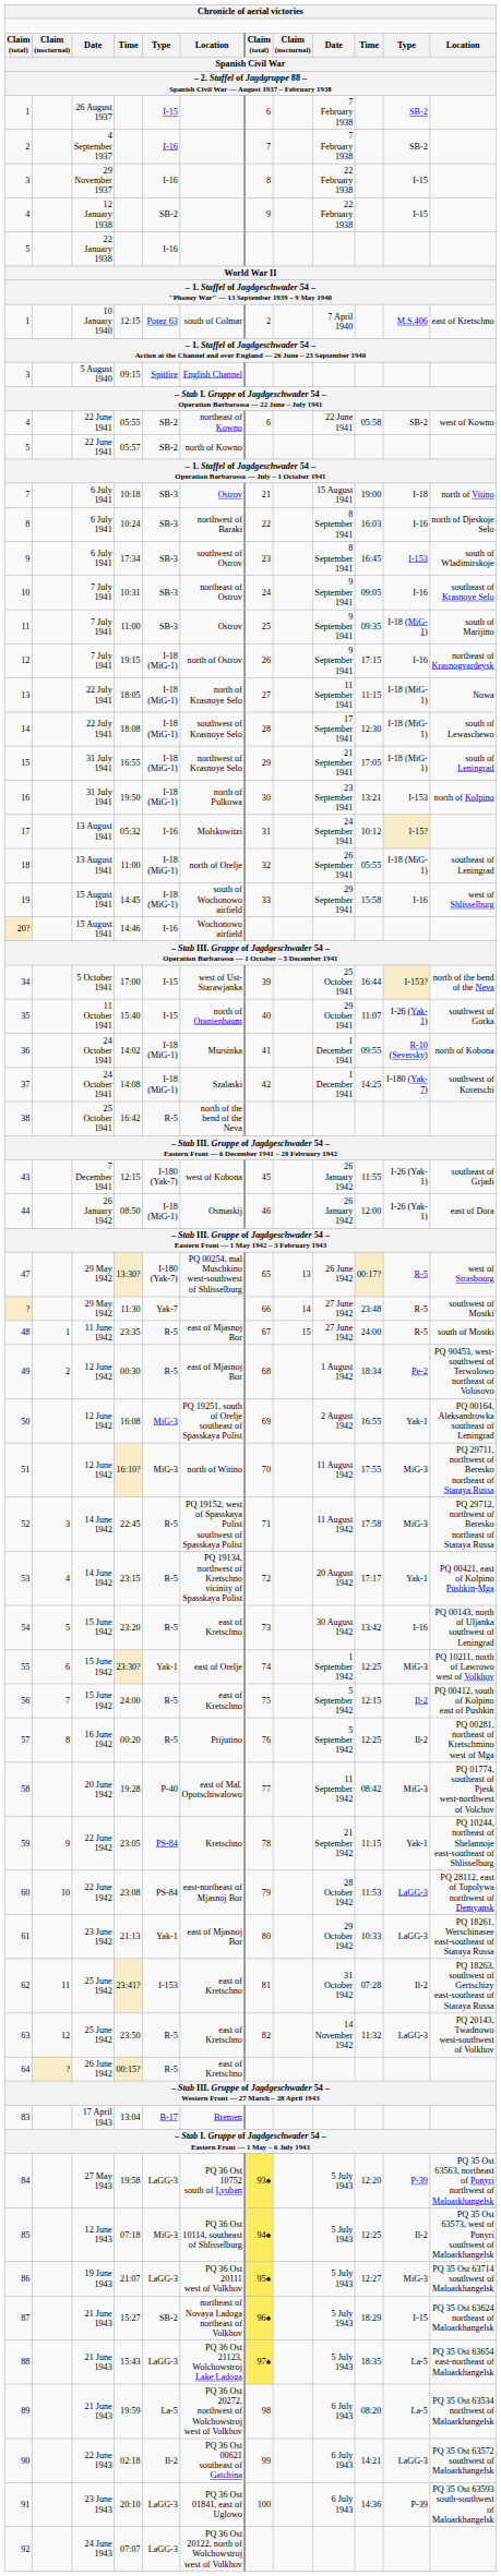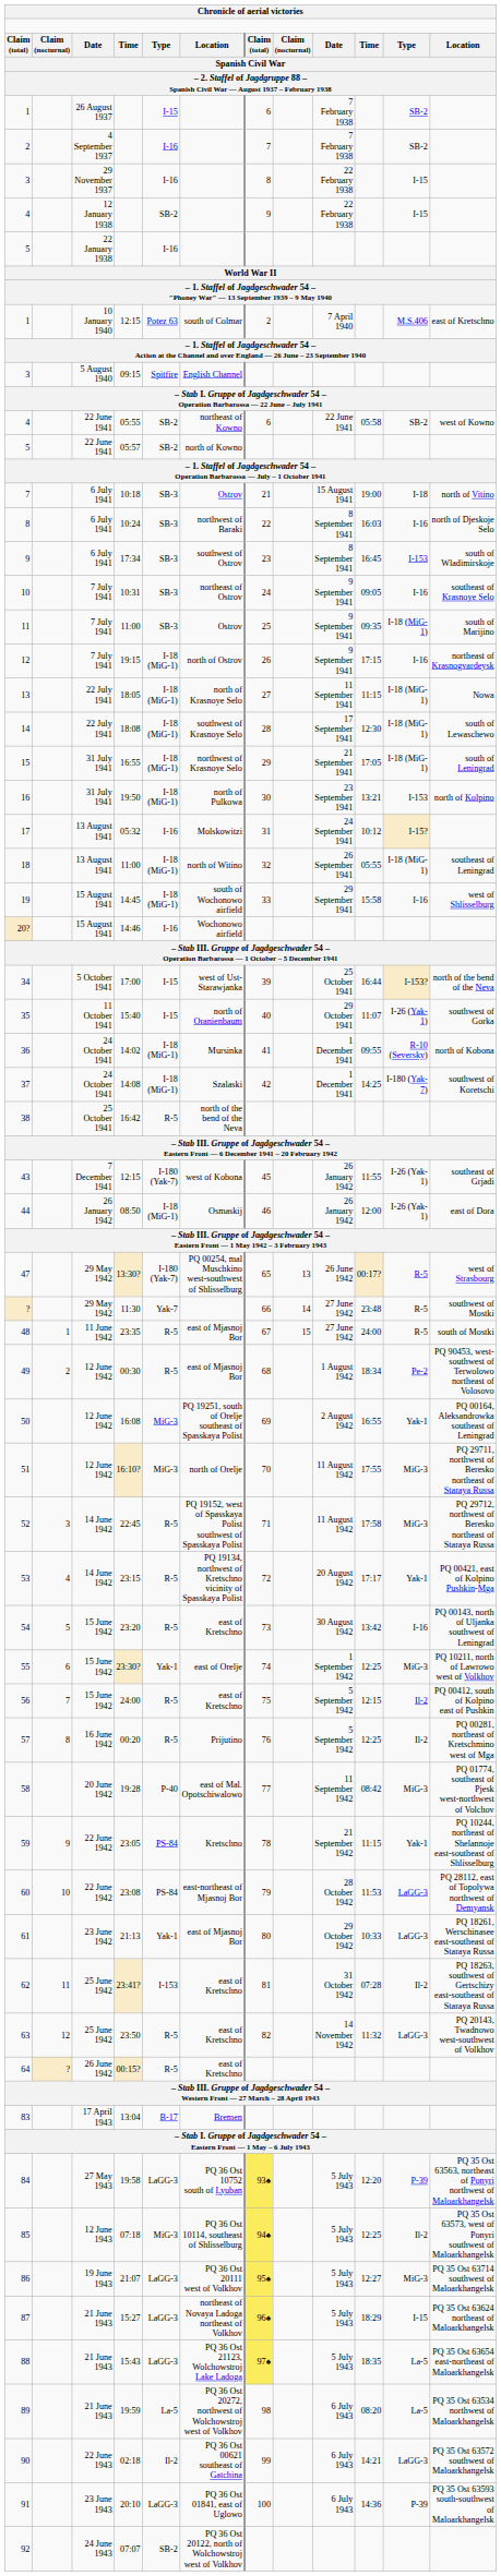 <table class="wikitable plainrowheaders collapsible" style="margin-left: auto; margin-right: auto; border: none; text-align:right; width: 100%;">
 <tr>
 <th colspan="12">Chronicle of aerial victories</th>
 </tr>
 <tr>
 <td colspan="12" style="text-align: left;"><br> </td>
 </tr>
 <tr>
 <th scope="col">Claim<br><small>(total)</small></th>
 <th scope="col">Claim<br><small>(nocturnal)</small></th>
 <th scope="col">Date</th>
 <th scope="col">Time</th>
 <th scope="col" width="100px">Type</th>
 <th scope="col">Location</th>
 <th scope="col" style="border-left: 3px solid grey;">Claim<br><small>(total)</small></th>
 <th scope="col">Claim<br><small>(nocturnal)</small></th>
 <th scope="col">Date</th>
 <th scope="col">Time</th>
 <th scope="col" width="100px">Type</th>
 <th scope="col">Location</th>
 </tr>
 <tr>
 <th colspan="12">Spanish Civil War</th>
 </tr>
 <tr>
 <th colspan="12">– 2. <em>Staffel</em> of <em>Jagdgruppe</em> 88 –<br><small>Spanish Civil War — August 1937 – February 1938</small></th>
 </tr>
 <tr>
 <td>1</td>
 <td></td>
 <td>26 August 1937</td>
 <td></td>
 <td><a href='#'>I-15</a></td>
 <td></td>
 <td style="border-left: 3px solid grey;">6</td>
 <td></td>
 <td>7 February 1938</td>
 <td></td>
 <td><a href='#'>SB-2</a></td>
 <td></td>
 </tr>
 <tr>
 <td>2</td>
 <td></td>
 <td>4 September 1937</td>
 <td></td>
 <td><a href='#'>I-16</a></td>
 <td></td>
 <td style="border-left: 3px solid grey;">7</td>
 <td></td>
 <td>7 February 1938</td>
 <td></td>
 <td>SB-2</td>
 <td></td>
 </tr>
 <tr>
 <td>3</td>
 <td></td>
 <td>29 November 1937</td>
 <td></td>
 <td>I-16</td>
 <td></td>
 <td style="border-left: 3px solid grey;">8</td>
 <td></td>
 <td>22 February 1938</td>
 <td></td>
 <td>I-15</td>
 <td></td>
 </tr>
 <tr>
 <td>4</td>
 <td></td>
 <td>12 January 1938</td>
 <td></td>
 <td>SB-2</td>
 <td></td>
 <td style="border-left: 3px solid grey;">9</td>
 <td></td>
 <td>22 February 1938</td>
 <td></td>
 <td>I-15</td>
 <td></td>
 </tr>
 <tr>
 <td>5</td>
 <td></td>
 <td>22 January 1938</td>
 <td></td>
 <td>I-16</td>
 <td></td>
 <td style="border-left: 3px solid grey;"></td>
 <td></td>
 <td></td>
 <td></td>
 <td></td>
 <td></td>
 </tr>
 <tr>
 <th colspan="12">World War II</th>
 </tr>
 <tr>
 <th colspan="12">– 1. <em>Staffel</em> of <em>Jagdgeschwader</em> 54 –<br><small>"Phoney War" — 13 September 1939 – 9 May 1940</small></th>
 </tr>
 <tr>
 <td>1</td>
 <td></td>
 <td>10 January 1940</td>
 <td>12:15</td>
 <td><a href='#'>Potez 63</a></td>
 <td>south of Colmar</td>
 <td style="border-left: 3px solid grey;">2</td>
 <td></td>
 <td>7 April 1940</td>
 <td></td>
 <td><a href='#'>M.S.406</a></td>
 <td>east of Kretschno</td>
 </tr>
 <tr>
 <th colspan="12">– 1. <em>Staffel</em> of <em>Jagdgeschwader</em> 54 –<br><small>Action at the Channel and over England — 26 June – 23 September 1940</small></th>
 </tr>
 <tr>
 <td>3</td>
 <td></td>
 <td>5 August 1940</td>
 <td>09:15</td>
 <td><a href='#'>Spitfire</a></td>
 <td><a href='#'>English Channel</a></td>
 <td style="border-left: 3px solid grey;"></td>
 <td></td>
 <td></td>
 <td></td>
 <td></td>
 <td></td>
 </tr>
 <tr>
 <th colspan="12">– <em>Stab</em> I. <em>Gruppe</em> of <em>Jagdgeschwader</em> 54 –<br><small>Operation Barbarossa — 22 June – July 1941</small></th>
 </tr>
 <tr>
 <td>4</td>
 <td></td>
 <td>22 June 1941</td>
 <td>05:55</td>
 <td>SB-2</td>
 <td>northeast of <a href='#'>Kowno</a></td>
 <td style="border-left: 3px solid grey;">6</td>
 <td></td>
 <td>22 June 1941</td>
 <td>05:58</td>
 <td>SB-2</td>
 <td>west of Kowno</td>
 </tr>
 <tr>
 <td>5</td>
 <td></td>
 <td>22 June 1941</td>
 <td>05:57</td>
 <td>SB-2</td>
 <td>north of Kowno</td>
 <td style="border-left: 3px solid grey;"></td>
 <td></td>
 <td></td>
 <td></td>
 <td></td>
 <td></td>
 </tr>
 <tr>
 <th colspan="12">– 1. <em>Staffel</em> of <em>Jagdgeschwader</em> 54 –<br><small>Operation Barbarossa — July – 1 October 1941</small></th>
 </tr>
 <tr>
 <td>7</td>
 <td></td>
 <td>6 July 1941</td>
 <td>10:18</td>
 <td>SB-3</td>
 <td><a href='#'>Ostrov</a></td>
 <td style="border-left: 3px solid grey;">21</td>
 <td></td>
 <td>15 August 1941</td>
 <td>19:00</td>
 <td>I-18</td>
 <td>north of <a href='#'>Vitino</a></td>
 </tr>
 <tr>
 <td>8</td>
 <td></td>
 <td>6 July 1941</td>
 <td>10:24</td>
 <td>SB-3</td>
 <td>northwest of Baraki</td>
 <td style="border-left: 3px solid grey;">22</td>
 <td></td>
 <td>8 September 1941</td>
 <td>16:03</td>
 <td>I-16</td>
 <td>north of Djeskoje Selo</td>
 </tr>
 <tr>
 <td>9</td>
 <td></td>
 <td>6 July 1941</td>
 <td>17:34</td>
 <td>SB-3</td>
 <td>southwest of Ostrov</td>
 <td style="border-left: 3px solid grey;">23</td>
 <td></td>
 <td>8 September 1941</td>
 <td>16:45</td>
 <td><a href='#'>I-153</a></td>
 <td>south of Wladimirskoje</td>
 </tr>
 <tr>
 <td>10</td>
 <td></td>
 <td>7 July 1941</td>
 <td>10:31</td>
 <td>SB-3</td>
 <td>northeast of Ostrov</td>
 <td style="border-left: 3px solid grey;">24</td>
 <td></td>
 <td>9 September 1941</td>
 <td>09:05</td>
 <td>I-16</td>
 <td>southeast of <a href='#'>Krasnoye Selo</a></td>
 </tr>
 <tr>
 <td>11</td>
 <td></td>
 <td>7 July 1941</td>
 <td>11:00</td>
 <td>SB-3</td>
 <td>Ostrov</td>
 <td style="border-left: 3px solid grey;">25</td>
 <td></td>
 <td>9 September 1941</td>
 <td>09:35</td>
 <td>I-18 (<a href='#'>MiG-1</a>)</td>
 <td>south of Marijino</td>
 </tr>
 <tr>
 <td>12</td>
 <td></td>
 <td>7 July 1941</td>
 <td>19:15</td>
 <td>I-18 (MiG-1)</td>
 <td>north of Ostrov</td>
 <td style="border-left: 3px solid grey;">26</td>
 <td></td>
 <td>9 September 1941</td>
 <td>17:15</td>
 <td>I-16</td>
 <td>northeast of <a href='#'>Krasnogvardeysk</a></td>
 </tr>
 <tr>
 <td>13</td>
 <td></td>
 <td>22 July 1941</td>
 <td>18:05</td>
 <td>I-18 (MiG-1)</td>
 <td>north of Krasnoye Selo</td>
 <td style="border-left: 3px solid grey;">27</td>
 <td></td>
 <td>11 September 1941</td>
 <td>11:15</td>
 <td>I-18 (MiG-1)</td>
 <td>Nowa</td>
 </tr>
 <tr>
 <td>14</td>
 <td></td>
 <td>22 July 1941</td>
 <td>18:08</td>
 <td>I-18 (MiG-1)</td>
 <td>southwest of Krasnoye Selo</td>
 <td style="border-left: 3px solid grey;">28</td>
 <td></td>
 <td>17 September 1941</td>
 <td>12:30</td>
 <td>I-18 (MiG-1)</td>
 <td>south of Lewaschewo</td>
 </tr>
 <tr>
 <td>15</td>
 <td></td>
 <td>31 July 1941</td>
 <td>16:55</td>
 <td>I-18 (MiG-1)</td>
 <td>northwest of Krasnoye Selo</td>
 <td style="border-left: 3px solid grey;">29</td>
 <td></td>
 <td>21 September 1941</td>
 <td>17:05</td>
 <td>I-18 (MiG-1)</td>
 <td>south of <a href='#'>Leningrad</a></td>
 </tr>
 <tr>
 <td>16</td>
 <td></td>
 <td>31 July 1941</td>
 <td>19:50</td>
 <td>I-18 (MiG-1)</td>
 <td>north of Pulkowa</td>
 <td style="border-left: 3px solid grey;">30</td>
 <td></td>
 <td>23 September 1941</td>
 <td>13:21</td>
 <td>I-153</td>
 <td>north of <a href='#'>Kolpino</a></td>
 </tr>
 <tr>
 <td>17</td>
 <td></td>
 <td>13 August 1941</td>
 <td>05:32</td>
 <td>I-16</td>
 <td>Molskowitzi</td>
 <td style="border-left: 3px solid grey;">31</td>
 <td></td>
 <td>24 September 1941</td>
 <td>10:12</td>
 <td style="background:#faecc8">I-15?</td>
 <td></td>
 </tr>
 <tr>
 <td>18</td>
 <td></td>
 <td>13 August 1941</td>
 <td>11:00</td>
 <td>I-18 (MiG-1)</td>
-<td>north of Orelje</td>
+<td>north of Witino</td>
 <td style="border-left: 3px solid grey;">32</td>
 <td></td>
 <td>26 September 1941</td>
 <td>05:55</td>
 <td>I-18 (MiG-1)</td>
 <td>southeast of Leningrad</td>
 </tr>
 <tr>
 <td>19</td>
 <td></td>
 <td>15 August 1941</td>
 <td>14:45</td>
 <td>I-18 (MiG-1)</td>
 <td>south of Wochonowo airfield</td>
 <td style="border-left: 3px solid grey;">33</td>
 <td></td>
 <td>29 September 1941</td>
 <td>15:58</td>
 <td>I-16</td>
 <td>west of <a href='#'>Shlisselburg</a></td>
 </tr>
 <tr>
 <td style="background:#faecc8">20?</td>
 <td></td>
 <td>15 August 1941</td>
 <td>14:46</td>
 <td>I-16</td>
 <td>Wochonowo airfield</td>
 <td style="border-left: 3px solid grey;"></td>
 <td></td>
 <td></td>
 <td></td>
 <td></td>
 <td></td>
 </tr>
 <tr>
 <th colspan="12">– <em>Stab</em> III. <em>Gruppe</em> of <em>Jagdgeschwader</em> 54 –<br><small>Operation Barbarossa — 1 October – 5 December 1941</small></th>
 </tr>
 <tr>
 <td>34</td>
 <td></td>
 <td>5 October 1941</td>
 <td>17:00</td>
 <td>I-15</td>
 <td>west of Ust-Starawjanka</td>
 <td style="border-left: 3px solid grey;">39</td>
 <td></td>
 <td>25 October 1941</td>
 <td>16:44</td>
 <td style="background:#faecc8">I-153?</td>
 <td>north of the bend of the <a href='#'>Neva</a></td>
 </tr>
 <tr>
 <td>35</td>
 <td></td>
 <td>11 October 1941</td>
 <td>15:40</td>
 <td>I-15</td>
 <td>north of <a href='#'>Oranienbaum</a></td>
 <td style="border-left: 3px solid grey;">40</td>
 <td></td>
 <td>29 October 1941</td>
 <td>11:07</td>
 <td>I-26 (<a href='#'>Yak-1</a>)</td>
 <td>southwest of Gorka</td>
 </tr>
 <tr>
 <td>36</td>
 <td></td>
 <td>24 October 1941</td>
 <td>14:02</td>
 <td>I-18 (MiG-1)</td>
 <td>Mursinka</td>
 <td style="border-left: 3px solid grey;">41</td>
 <td></td>
 <td>1 December 1941</td>
 <td>09:55</td>
 <td><a href='#'>R-10</a> (<a href='#'>Seversky</a>)</td>
 <td>north of Kobona</td>
 </tr>
 <tr>
 <td>37</td>
 <td></td>
 <td>24 October 1941</td>
 <td>14:08</td>
 <td>I-18 (MiG-1)</td>
 <td>Szalaski</td>
 <td style="border-left: 3px solid grey;">42</td>
 <td></td>
 <td>1 December 1941</td>
 <td>14:25</td>
 <td>I-180 (<a href='#'>Yak-7</a>)</td>
 <td>southwest of Koretschi</td>
 </tr>
 <tr>
 <td>38</td>
 <td></td>
 <td>25 October 1941</td>
 <td>16:42</td>
 <td>R-5</td>
 <td>north of the bend of the Neva</td>
 <td style="border-left: 3px solid grey;"></td>
 <td></td>
 <td></td>
 <td></td>
 <td></td>
 <td></td>
 </tr>
 <tr>
 <th colspan="12">– <em>Stab</em> III. <em>Gruppe</em> of <em>Jagdgeschwader</em> 54 –<br><small>Eastern Front — 6 December 1941 – 20 February 1942</small></th>
 </tr>
 <tr>
 <td>43</td>
 <td></td>
 <td>7 December 1941</td>
 <td>12:15</td>
 <td>I-180 (Yak-7)</td>
 <td>west of Kobona</td>
 <td style="border-left: 3px solid grey;">45</td>
 <td></td>
 <td>26 January 1942</td>
 <td>11:55</td>
 <td>I-26 (Yak-1)</td>
 <td>southeast of Grjadi</td>
 </tr>
 <tr>
 <td>44</td>
 <td></td>
 <td>26 January 1942</td>
 <td>08:50</td>
 <td>I-18 (MiG-1)</td>
 <td>Osmaskij</td>
 <td style="border-left: 3px solid grey;">46</td>
 <td></td>
 <td>26 January 1942</td>
 <td>12:00</td>
 <td>I-26 (Yak-1)</td>
 <td>east of Dora</td>
 </tr>
 <tr>
 <th colspan="12">– <em>Stab</em> III. <em>Gruppe</em> of <em>Jagdgeschwader</em> 54 –<br><small>Eastern Front — 1 May 1942 – 3 February 1943</small></th>
 </tr>
 <tr>
 <td>47</td>
 <td></td>
 <td>29 May 1942</td>
 <td style="background:#faecc8">13:30?</td>
 <td>I-180 (Yak-7)</td>
 <td>PQ 00254, mal Muschkino<br> west-southwest of Shlisselburg</td>
 <td style="border-left: 3px solid grey;">65</td>
 <td>13</td>
 <td>26 June 1942</td>
 <td style="background:#faecc8">00:17?</td>
 <td><a href='#'>R-5</a></td>
 <td>west of <a href='#'>Strasbourg</a></td>
 </tr>
 <tr>
 <td style="background:#faecc8">?</td>
 <td></td>
 <td>29 May 1942</td>
 <td>11:30</td>
 <td>Yak-7</td>
 <td></td>
 <td style="border-left: 3px solid grey;">66</td>
 <td>14</td>
 <td>27 June 1942</td>
 <td>23:48</td>
 <td>R-5</td>
 <td>southwest of Mostki</td>
 </tr>
 <tr>
 <td>48</td>
 <td>1</td>
 <td>11 June 1942</td>
 <td>23:35</td>
 <td>R-5</td>
 <td>east of Mjasnoj Bor</td>
 <td style="border-left: 3px solid grey;">67</td>
 <td>15</td>
 <td>27 June 1942</td>
 <td>24:00</td>
 <td>R-5</td>
 <td>south of Mostki</td>
 </tr>
 <tr>
 <td>49</td>
 <td>2</td>
 <td>12 June 1942</td>
 <td>00:30</td>
 <td>R-5</td>
 <td>east of Mjasnoj Bor</td>
 <td style="border-left: 3px solid grey;">68</td>
 <td></td>
 <td>1 August 1942</td>
 <td>18:34</td>
 <td><a href='#'>Pe-2</a></td>
 <td>PQ 90453, west-southwest of Terwolowo<br> northeast of Volosovo</td>
 </tr>
 <tr>
 <td>50</td>
 <td></td>
 <td>12 June 1942</td>
 <td>16:08</td>
 <td><a href='#'>MiG-3</a></td>
 <td>PQ 19251, south of Orelje<br> southeast of Spasskaya Polist</td>
 <td style="border-left: 3px solid grey;">69</td>
 <td></td>
 <td>2 August 1942</td>
 <td>16:55</td>
 <td>Yak-1</td>
 <td>PQ 00164, Aleksandrowka<br> southeast of Leningrad</td>
 </tr>
 <tr>
 <td>51</td>
 <td></td>
 <td>12 June 1942</td>
 <td style="background:#faecc8">16:10?</td>
 <td>MiG-3</td>
-<td>north of Witino</td>
+<td>north of Orelje</td>
 <td style="border-left: 3px solid grey;">70</td>
 <td></td>
 <td>11 August 1942</td>
 <td>17:55</td>
 <td>MiG-3</td>
 <td>PQ 29711, northwest of Beresko<br> northeast of <a href='#'>Staraya Russa</a></td>
 </tr>
 <tr>
 <td>52</td>
 <td>3</td>
 <td>14 June 1942</td>
 <td>22:45</td>
 <td>R-5</td>
 <td>PQ 19152, west of Spasskaya Polist<br> southwest of Spasskaya Polist</td>
 <td style="border-left: 3px solid grey;">71</td>
 <td></td>
 <td>11 August 1942</td>
 <td>17:58</td>
 <td>MiG-3</td>
 <td>PQ 29712, northwest of Beresko<br> northeast of Staraya Russa</td>
 </tr>
 <tr>
 <td>53</td>
 <td>4</td>
 <td>14 June 1942</td>
 <td>23:15</td>
 <td>R-5</td>
 <td>PQ 19134, northwest of Kretschno<br>vicinity of Spasskaya Polist</td>
 <td style="border-left: 3px solid grey;">72</td>
 <td></td>
 <td>20 August 1942</td>
 <td>17:17</td>
 <td>Yak-1</td>
 <td>PQ 00421, east of Kolpino<br><a href='#'>Pushkin</a>-<a href='#'>Mga</a></td>
 </tr>
 <tr>
 <td>54</td>
 <td>5</td>
 <td>15 June 1942</td>
 <td>23:20</td>
 <td>R-5</td>
 <td>east of Kretschno</td>
 <td style="border-left: 3px solid grey;">73</td>
 <td></td>
 <td>30 August 1942</td>
 <td>13:42</td>
 <td>I-16</td>
 <td>PQ 00143, north of Uljanka<br> southwest of Leningrad</td>
 </tr>
 <tr>
 <td>55</td>
 <td>6</td>
 <td>15 June 1942</td>
 <td style="background:#faecc8">23:30?</td>
 <td>Yak-1</td>
 <td>east of Orelje</td>
 <td style="border-left: 3px solid grey;">74</td>
 <td></td>
 <td>1 September 1942</td>
 <td>12:25</td>
 <td>MiG-3</td>
 <td>PQ 10211, north of Lawrowo<br> west of <a href='#'>Volkhov</a></td>
 </tr>
 <tr>
 <td>56</td>
 <td>7</td>
 <td>15 June 1942</td>
 <td>24:00</td>
 <td>R-5</td>
 <td>east of Kretschno</td>
 <td style="border-left: 3px solid grey;">75</td>
 <td></td>
 <td>5 September 1942</td>
 <td>12:15</td>
 <td><a href='#'>Il-2</a></td>
 <td>PQ 00412, south of Kolpino<br> east of Pushkin</td>
 </tr>
 <tr>
 <td>57</td>
 <td>8</td>
 <td>16 June 1942</td>
 <td>00:20</td>
 <td>R-5</td>
 <td>Prijutino</td>
 <td style="border-left: 3px solid grey;">76</td>
 <td></td>
 <td>5 September 1942</td>
 <td>12:25</td>
 <td>Il-2</td>
 <td>PQ 00281, northeast of Kretschmino<br> west of Mga</td>
 </tr>
 <tr>
 <td>58</td>
 <td></td>
 <td>20 June 1942</td>
 <td>19:28</td>
 <td>P-40</td>
 <td>east of Mal. Opotschiwalowo</td>
 <td style="border-left: 3px solid grey;">77</td>
 <td></td>
 <td>11 September 1942</td>
 <td>08:42</td>
 <td>MiG-3</td>
 <td>PQ 01774, southeast of Pjesk<br> west-northwest of Volchov</td>
 </tr>
 <tr>
 <td>59</td>
 <td>9</td>
 <td>22 June 1942</td>
 <td>23:05</td>
 <td><a href='#'>PS-84</a></td>
 <td>Kretschno</td>
 <td style="border-left: 3px solid grey;">78</td>
 <td></td>
 <td>21 September 1942</td>
 <td>11:15</td>
 <td>Yak-1</td>
 <td>PQ 10244, northeast of Shelannoje<br> east-southeast of Shlisselburg</td>
 </tr>
 <tr>
 <td>60</td>
 <td>10</td>
 <td>22 June 1942</td>
 <td>23:08</td>
 <td>PS-84</td>
 <td>east-northeast of Mjasnoj Bor</td>
 <td style="border-left: 3px solid grey;">79</td>
 <td></td>
 <td>28 October 1942</td>
 <td>11:53</td>
 <td><a href='#'>LaGG-3</a></td>
 <td>PQ 28112, east of Topolywa<br> northwest of <a href='#'>Demyansk</a></td>
 </tr>
 <tr>
 <td>61</td>
 <td></td>
 <td>23 June 1942</td>
 <td>21:13</td>
 <td>Yak-1</td>
 <td>east of Mjasnoj Bor</td>
 <td style="border-left: 3px solid grey;">80</td>
 <td></td>
 <td>29 October 1942</td>
 <td>10:33</td>
 <td>LaGG-3</td>
 <td>PQ 18261, Werschinasee<br> east-southeast of Staraya Russa</td>
 </tr>
 <tr>
 <td>62</td>
 <td>11</td>
 <td>25 June 1942</td>
 <td style="background:#faecc8">23:41?</td>
 <td>I-153</td>
 <td>east of Kretschno</td>
 <td style="border-left: 3px solid grey;">81</td>
 <td></td>
 <td>31 October 1942</td>
 <td>07:28</td>
 <td>Il-2</td>
 <td>PQ 18263, southwest of Gertschizy<br> east-southeast of Staraya Russa</td>
 </tr>
 <tr>
 <td>63</td>
 <td>12</td>
 <td>25 June 1942</td>
 <td>23:50</td>
 <td>R-5</td>
 <td>east of Kretschno</td>
 <td style="border-left: 3px solid grey;">82</td>
 <td></td>
 <td>14 November 1942</td>
 <td>11:32</td>
 <td>LaGG-3</td>
 <td>PQ 20143, Twadnowo<br>west-southwest of Volkhov</td>
 </tr>
 <tr>
 <td>64</td>
 <td style="background:#faecc8">?</td>
 <td>26 June 1942</td>
 <td style="background:#faecc8">00:15?</td>
 <td>R-5</td>
 <td>east of Kretschno</td>
 <td style="border-left: 3px solid grey;"></td>
 <td></td>
 <td></td>
 <td></td>
 <td></td>
 <td></td>
 </tr>
 <tr>
 <th colspan="12">– <em>Stab</em> III. <em>Gruppe</em> of <em>Jagdgeschwader</em> 54 –<br><small>Western Front — 27 March – 28 April 1943</small></th>
 </tr>
 <tr>
 <td>83</td>
 <td></td>
 <td>17 April 1943</td>
 <td>13:04</td>
 <td><a href='#'>B-17</a></td>
 <td><a href='#'>Bremen</a></td>
 <td style="border-left: 3px solid grey;"></td>
 <td></td>
 <td></td>
 <td></td>
 <td></td>
 <td></td>
 </tr>
 <tr>
 <th colspan="12">– <em>Stab</em> I. <em>Gruppe</em> of <em>Jagdgeschwader</em> 54 –<br><small>Eastern Front — 1 May – 6 July 1943</small></th>
 </tr>
 <tr>
 <td>84</td>
 <td></td>
 <td>27 May 1943</td>
 <td>19:58</td>
 <td>LaGG-3</td>
 <td>PQ 36 Ost 10752<br> south of <a href='#'>Lyuban</a></td>
 <td style="border-left: 3px solid grey; background:#fbec5d;">93♠</td>
 <td></td>
 <td>5 July 1943</td>
 <td>12:20</td>
 <td><a href='#'>P-39</a></td>
 <td>PQ 35 Ost 63563, northeast of <a href='#'>Ponyri</a><br> northwest of <a href='#'>Maloarkhangelsk</a></td>
 </tr>
 <tr>
 <td>85</td>
 <td></td>
 <td>12 June 1943</td>
 <td>07:18</td>
 <td>MiG-3</td>
 <td>PQ 36 Ost 10114, southeast of Shlisselburg</td>
 <td style="border-left: 3px solid grey; background:#fbec5d;">94♠</td>
 <td></td>
 <td>5 July 1943</td>
 <td>12:25</td>
 <td>Il-2</td>
 <td>PQ 35 Ost 63573, west of Ponyri<br> southwest of Maloarkhangelsk</td>
 </tr>
 <tr>
 <td>86</td>
 <td></td>
 <td>19 June 1943</td>
 <td>21:07</td>
 <td>LaGG-3</td>
 <td>PQ 36 Ost 20111<br>west of Volkhov</td>
 <td style="border-left: 3px solid grey; background:#fbec5d;">95♠</td>
 <td></td>
 <td>5 July 1943</td>
 <td>12:27</td>
 <td>MiG-3</td>
 <td>PQ 35 Ost 63714<br> southwest of Maloarkhangelsk</td>
 </tr>
 <tr>
 <td>87</td>
 <td></td>
 <td>21 June 1943</td>
 <td>15:27</td>
-<td>SB-2</td>
+<td>LaGG-3</td>
 <td> northeast of Novaya Ladoga<br> northeast of Volkhov</td>
 <td style="border-left: 3px solid grey; background:#fbec5d;">96♠</td>
 <td></td>
 <td>5 July 1943</td>
 <td>18:29</td>
 <td>I-15</td>
 <td>PQ 35 Ost 63624<br> northeast of Maloarkhangelsk</td>
 </tr>
 <tr>
 <td>88</td>
 <td></td>
 <td>21 June 1943</td>
 <td>15:43</td>
 <td>LaGG-3</td>
 <td>PQ 36 Ost 21123, Wolchowstroj<br><a href='#'>Lake Ladoga</a></td>
 <td style="border-left: 3px solid grey; background:#fbec5d;">97♠</td>
 <td></td>
 <td>5 July 1943</td>
 <td>18:35</td>
 <td>La-5</td>
 <td>PQ 35 Ost 63654<br> east-northeast of Maloarkhangelsk</td>
 </tr>
 <tr>
 <td>89</td>
 <td></td>
 <td>21 June 1943</td>
 <td>19:59</td>
 <td>La-5</td>
 <td>PQ 36 Ost 20272, northwest of Wolchowstroj<br> west of Volkhov</td>
 <td style="border-left: 3px solid grey;">98</td>
 <td></td>
 <td>6 July 1943</td>
 <td>08:20</td>
 <td>La-5</td>
 <td>PQ 35 Ost 63534<br> northwest of Maloarkhangelsk</td>
 </tr>
 <tr>
 <td>90</td>
 <td></td>
 <td>22 June 1943</td>
 <td>02:18</td>
 <td>Il-2</td>
 <td>PQ 36 Ost 00621<br> southeast of <a href='#'>Gatchina</a></td>
 <td style="border-left: 3px solid grey;">99</td>
 <td></td>
 <td>6 July 1943</td>
 <td>14:21</td>
 <td>LaGG-3</td>
 <td>PQ 35 Ost 63572<br> southwest of Maloarkhangelsk</td>
 </tr>
 <tr>
 <td>91</td>
 <td></td>
 <td>23 June 1943</td>
 <td>20:10</td>
 <td>LaGG-3</td>
 <td>PQ 36 Ost 01841, east of Uglowo</td>
 <td style="border-left: 3px solid grey;">100</td>
 <td></td>
 <td>6 July 1943</td>
 <td>14:36</td>
 <td>P-39</td>
 <td>PQ 35 Ost 63593<br> south-southwest of Maloarkhangelsk</td>
 </tr>
 <tr>
 <td>92</td>
 <td></td>
 <td>24 June 1943</td>
 <td>07:07</td>
-<td>LaGG-3</td>
+<td>SB-2</td>
 <td>PQ 36 Ost 20122, north of Wolchowstroj<br>west of Volkhov</td>
 <td style="border-left: 3px solid grey;"></td>
 <td></td>
 <td></td>
 <td></td>
 <td></td>
 <td></td>
 </tr>
 </table>
